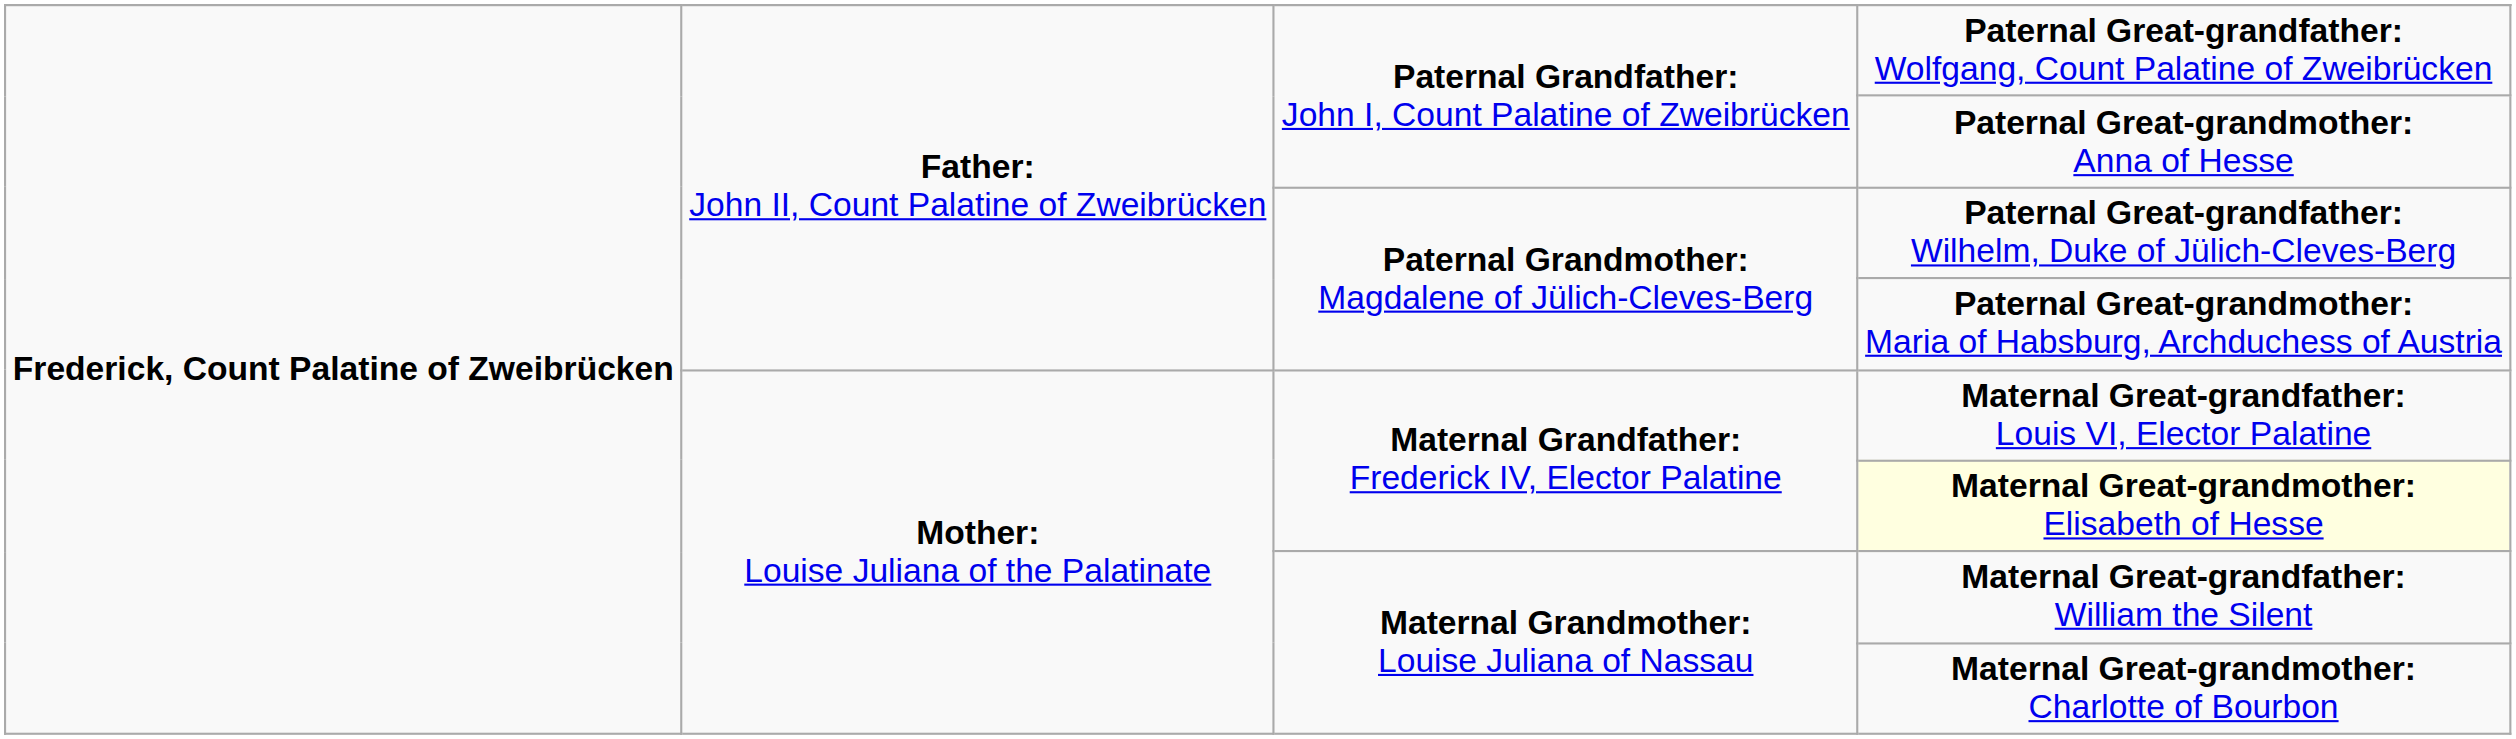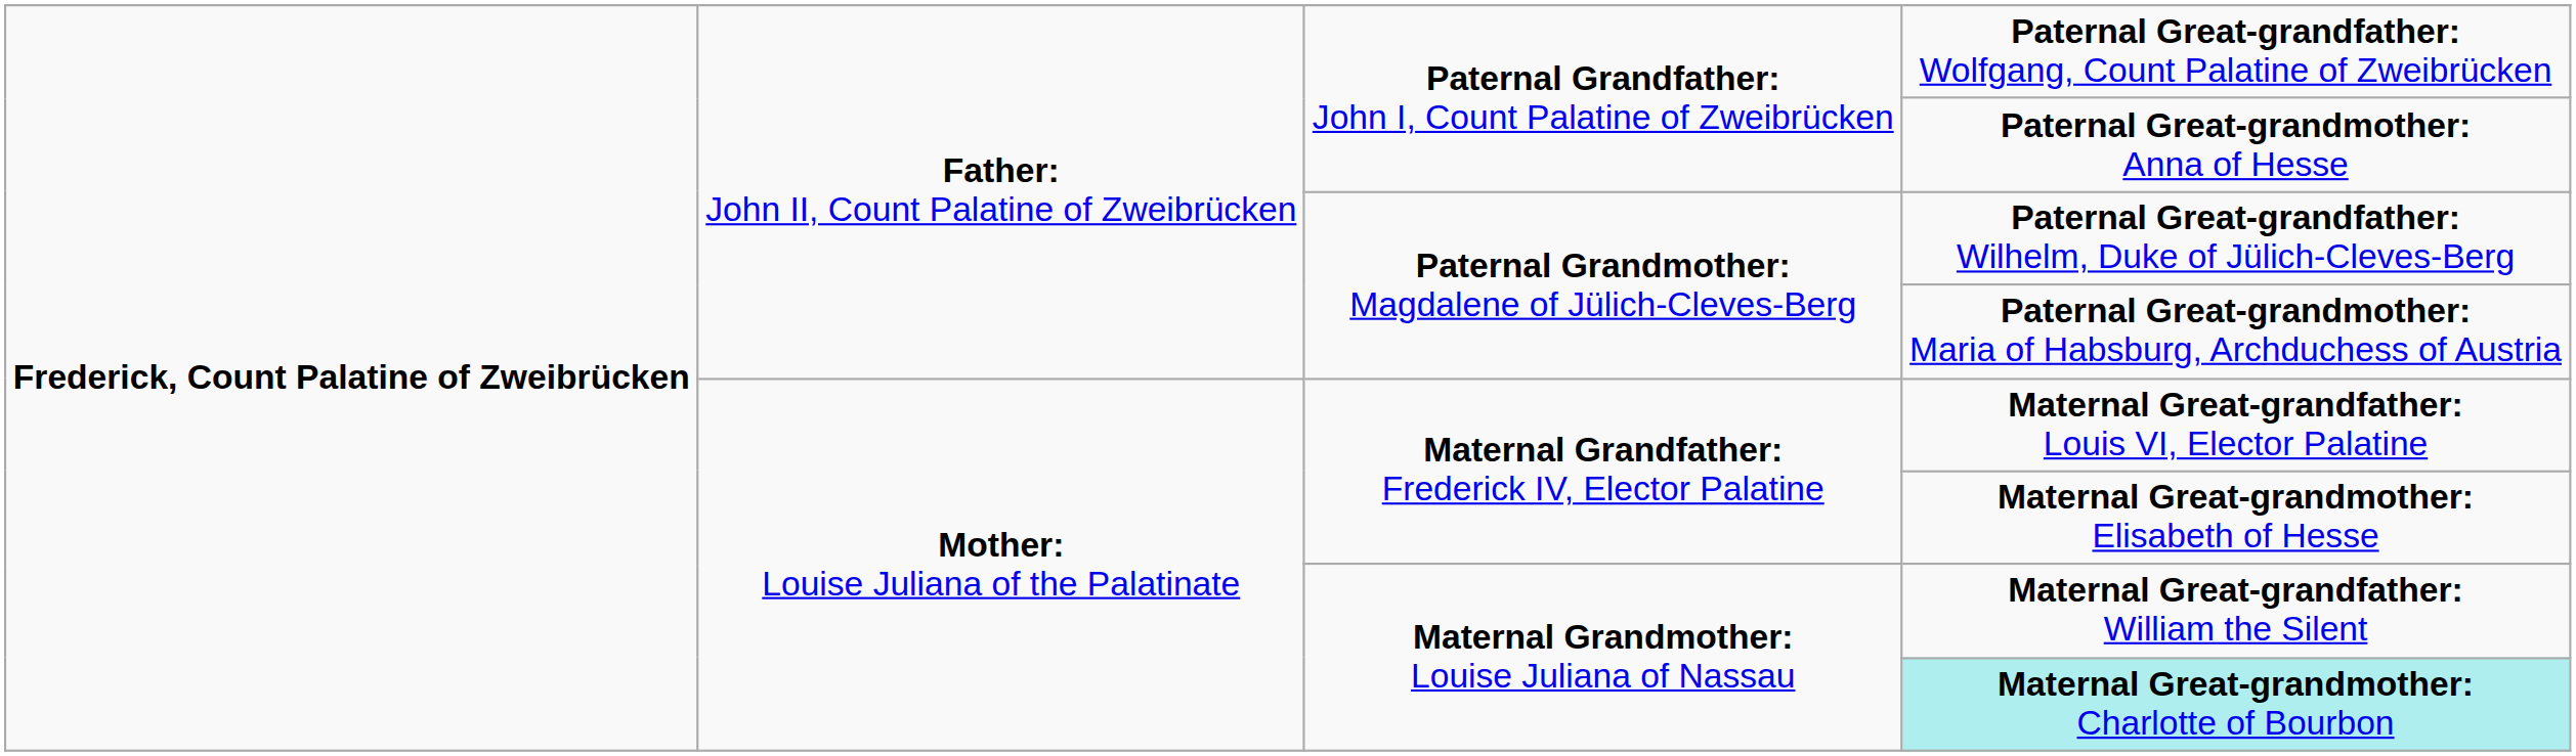 <table class="wikitable">
 <tr>
 </tr>
 <tr>
 <td rowspan="8" align="center"><strong>Frederick, Count Palatine of Zweibrücken</strong></td>
 <td rowspan="4" align="center"><strong>Father:</strong><br><a href='#'>John II, Count Palatine of Zweibrücken</a></td>
 <td rowspan="2" align="center"><strong>Paternal Grandfather:</strong><br><a href='#'>John I, Count Palatine of Zweibrücken</a></td>
 <td align="center"><strong>Paternal Great-grandfather:</strong><br><a href='#'>Wolfgang, Count Palatine of Zweibrücken</a></td>
 </tr>
 <tr>
 <td align="center"><strong>Paternal Great-grandmother:</strong><br><a href='#'>Anna of Hesse</a></td>
 </tr>
 <tr>
 <td rowspan="2" align="center"><strong>Paternal Grandmother:</strong><br><a href='#'>Magdalene of Jülich-Cleves-Berg</a></td>
 <td align="center"><strong>Paternal Great-grandfather:</strong><br><a href='#'>Wilhelm, Duke of Jülich-Cleves-Berg</a></td>
 </tr>
 <tr>
 <td align="center"><strong>Paternal Great-grandmother:</strong><br><a href='#'>Maria of Habsburg, Archduchess of Austria</a></td>
 </tr>
 <tr>
 <td rowspan="4" align="center"><strong>Mother:</strong><br><a href='#'>Louise Juliana of the Palatinate</a></td>
 <td rowspan="2" align="center"><strong>Maternal Grandfather:</strong><br><a href='#'>Frederick IV, Elector Palatine</a></td>
 <td align="center"><strong>Maternal Great-grandfather:</strong><br><a href='#'>Louis VI, Elector Palatine</a></td>
 </tr>
 <tr>
-<td align="center" style="background: lightyellow;"><strong>Maternal Great-grandmother:</strong><br><a href='#'>Elisabeth of Hesse</a></td>
+<td align="center"><strong>Maternal Great-grandmother:</strong><br><a href='#'>Elisabeth of Hesse</a></td>
 </tr>
 <tr>
 <td rowspan="2" align="center"><strong>Maternal Grandmother:</strong><br><a href='#'>Louise Juliana of Nassau</a></td>
 <td align="center"><strong>Maternal Great-grandfather:</strong><br><a href='#'>William the Silent</a></td>
 </tr>
 <tr>
-<td align="center"><strong>Maternal Great-grandmother:</strong><br><a href='#'>Charlotte of Bourbon</a></td>
+<td align="center" style="background: paleturquoise;"><strong>Maternal Great-grandmother:</strong><br><a href='#'>Charlotte of Bourbon</a></td>
 </tr>
 </table>
